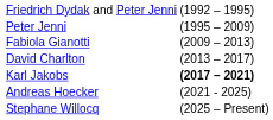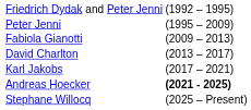 <table>
 <tr>
 <td><a href='#'>Friedrich Dydak</a> and <a href='#'>Peter Jenni</a></td>
 <td>(1992 – 1995)</td>
 </tr>
 <tr>
 <td><a href='#'>Peter Jenni</a></td>
 <td>(1995 – 2009)</td>
 </tr>
 <tr>
 <td><a href='#'>Fabiola Gianotti</a></td>
 <td>(2009 – 2013)</td>
 </tr>
 <tr>
 <td><a href='#'>David Charlton</a></td>
 <td>(2013 – 2017)</td>
 </tr>
 <tr>
 <td><a href='#'>Karl Jakobs</a></td>
-<td><strong>(2017 – 2021)</strong></td>
+<td>(2017 – 2021)</td>
 </tr>
 <tr>
 <td><a href='#'>Andreas Hoecker</a></td>
-<td>(2021 - 2025)</td>
+<td><strong>(2021 - 2025)</strong></td>
 </tr>
 <tr>
 <td><a href='#'>Stephane Willocq</a></td>
 <td>(2025 – Present)</td>
 </tr>
 </table>
